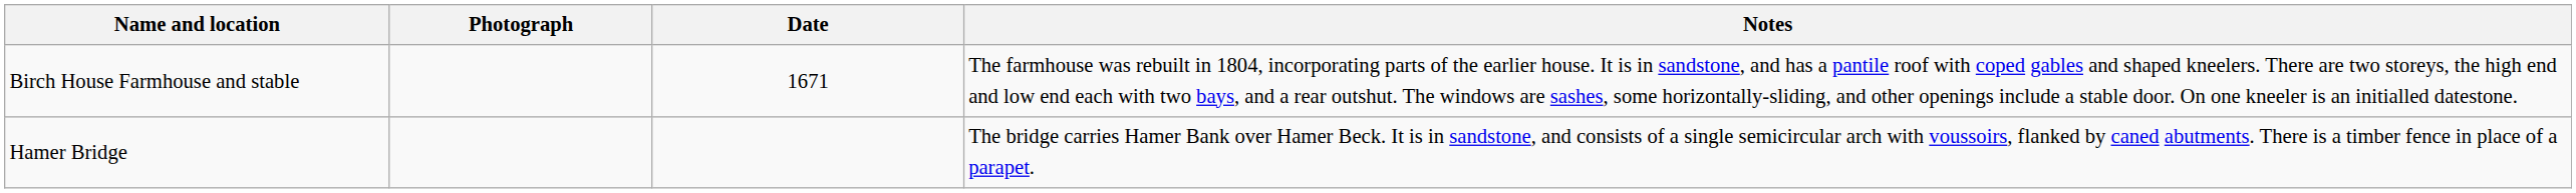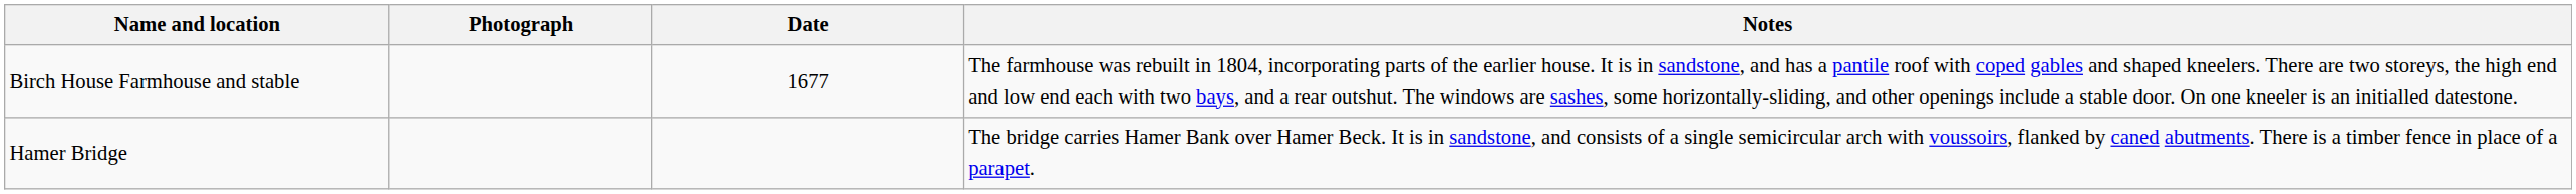 <table class="wikitable sortable plainrowheaders" style="width:100%;border:0px;text-align:left;line-height:150%;">
 <tr>
 <th scope="col"  style="width:150px">Name and location</th>
 <th scope="col"  style="width:100px" class="unsortable">Photograph</th>
 <th scope="col"  style="width:120px">Date</th>
 <th scope="col"  style="width:650px" class="unsortable">Notes</th>
 </tr>
 <tr>
 <td>Birch House Farmhouse and stable<br><small></small></td>
 <td></td>
-<td align="center">1671</td>
+<td align="center">1677</td>
 <td>The farmhouse was rebuilt in 1804, incorporating parts of the earlier house.  It is in <a href='#'>sandstone</a>, and has a <a href='#'>pantile</a> roof with <a href='#'>coped</a> <a href='#'>gables</a> and shaped kneelers.  There are two storeys, the high end and low end each with two <a href='#'>bays</a>, and a rear outshut. The windows are <a href='#'>sashes</a>, some horizontally-sliding, and other openings include a stable door. On one kneeler is an initialled datestone.</td>
 </tr>
 <tr>
 <td>Hamer Bridge<br><small></small></td>
 <td></td>
 <td align="center"></td>
 <td>The bridge carries Hamer Bank over Hamer Beck. It is in <a href='#'>sandstone</a>, and consists of a single semicircular arch with <a href='#'>voussoirs</a>, flanked by <a href='#'>caned</a> <a href='#'>abutments</a>. There is a timber fence in place of a <a href='#'>parapet</a>.</td>
 </tr>
 <tr>
 </tr>
 </table>
